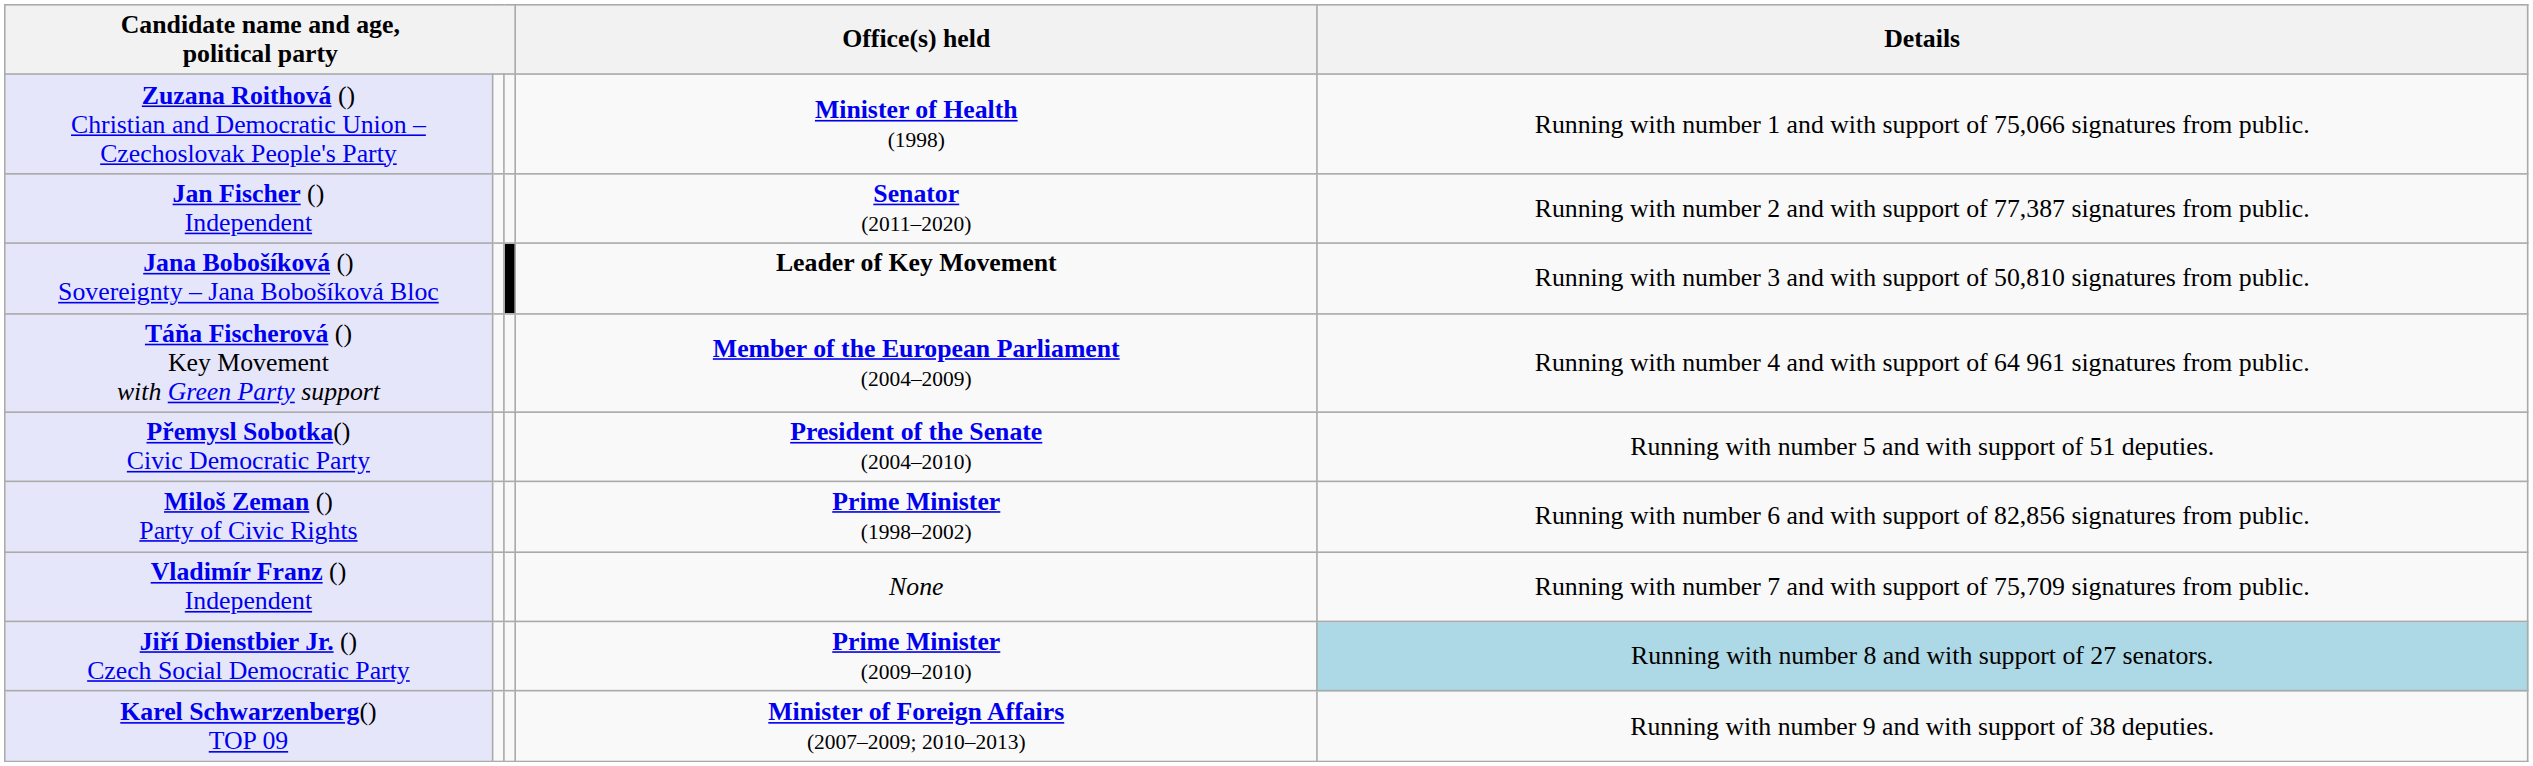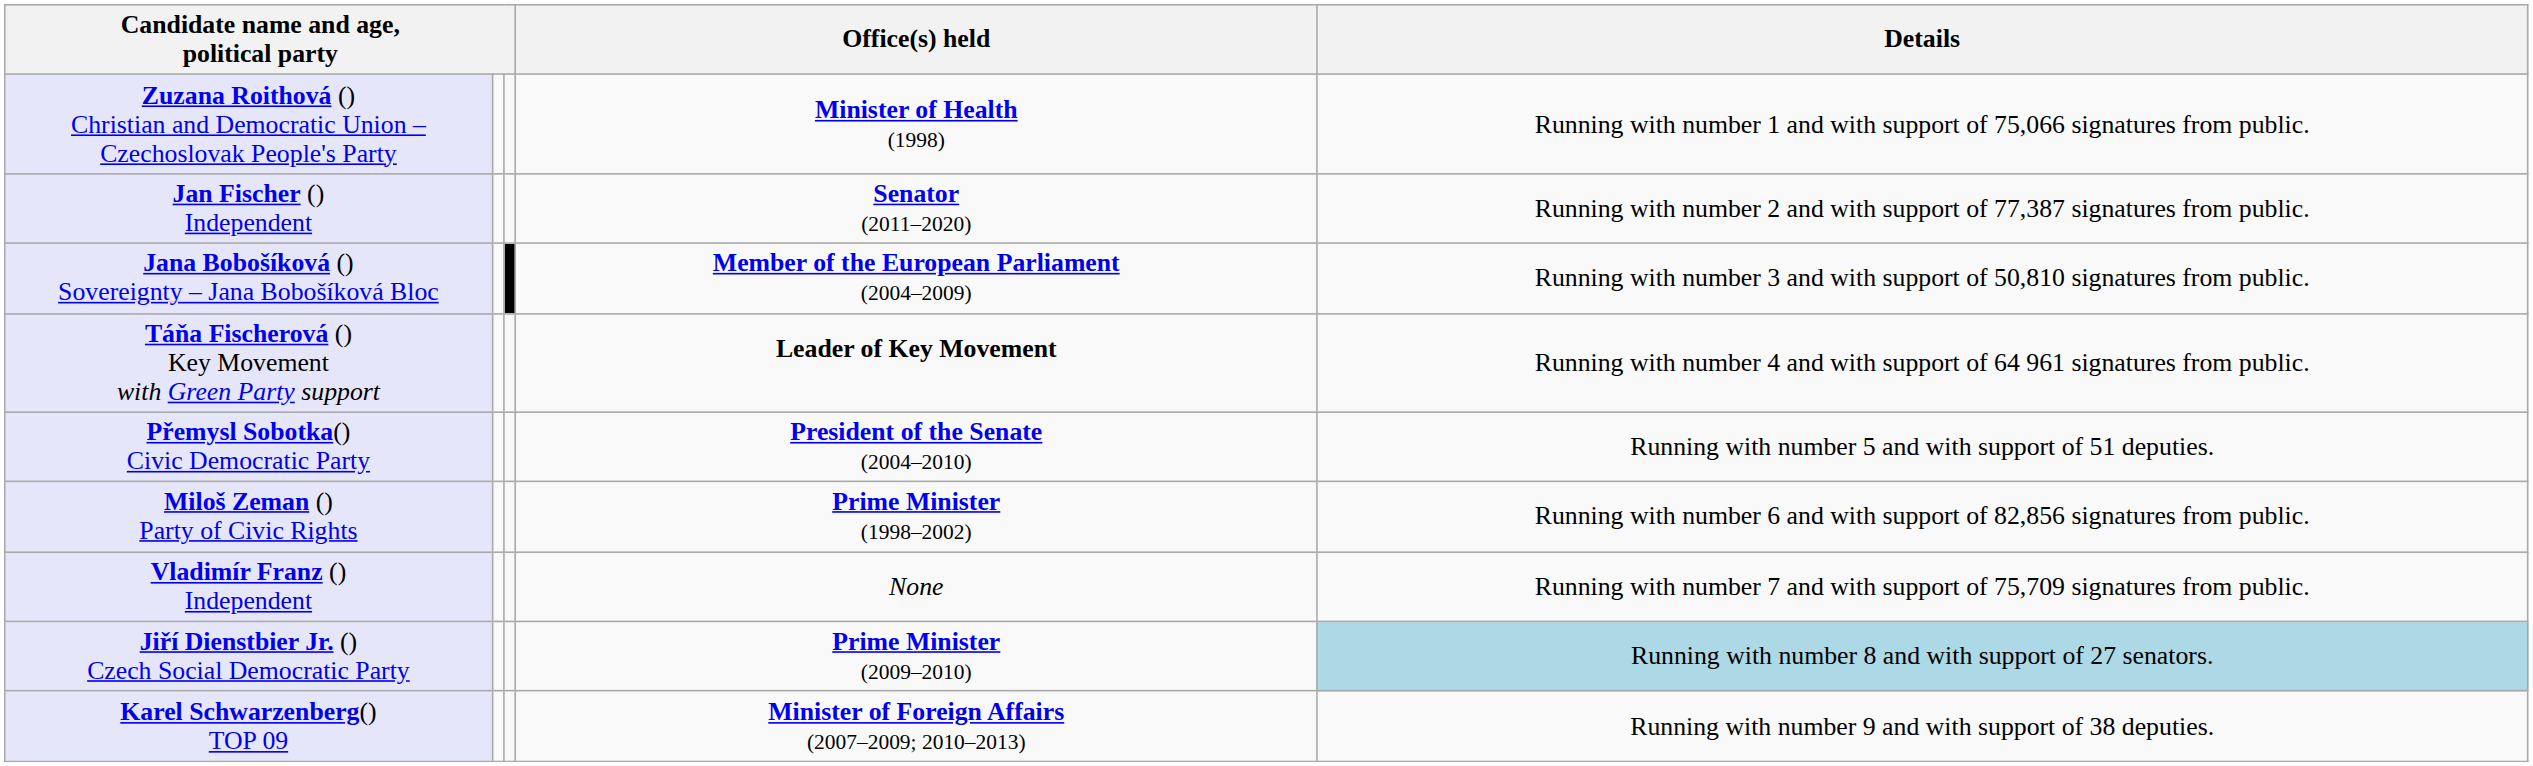 <table class="wikitable" style="text-align:center;">
 <tr>
 <th colspan="3" style="width:20%;">Candidate name and age,<br>political party</th>
 <th>Office(s) held</th>
 <th style="width:48%;">Details</th>
 </tr>
 <tr>
 <td style="background:lavender;"><strong><a href='#'>Zuzana Roithová</a></strong> ()<br><a href='#'>Christian and Democratic Union – Czechoslovak People's Party</a></td>
 <td></td>
 <td style="background-color:"></td>
 <td><strong><a href='#'>Minister of Health</a></strong> <br><small>(1998)</small><br></td>
 <td>Running with number 1 and with support of 75,066 signatures from public.</td>
 </tr>
 <tr>
 <td style="background:lavender;"><strong><a href='#'>Jan Fischer</a></strong> ()<br><a href='#'>Independent</a></td>
 <td></td>
 <td style="background-color:"></td>
 <td><strong><a href='#'>Senator</a></strong> <br><small>(2011–2020)</small><br></td>
 <td align=center>Running with number 2 and with support of 77,387 signatures from public.</td>
 </tr>
 <tr>
 <td style="background:lavender;"><strong><a href='#'>Jana Bobošíková</a></strong> ()<br><a href='#'>Sovereignty – Jana Bobošíková Bloc</a></td>
 <td></td>
 <th style="background:#000000;"></th>
-<td><strong>Leader of Key Movement</strong> <br><br></td>
+<td><strong><a href='#'>Member of the European Parliament</a></strong> <br><small>(2004–2009)</small></td>
 <td align=center>Running with number 3 and with support of 50,810 signatures from public.</td>
 </tr>
 <tr>
 <td style="background:lavender;"><strong><a href='#'>Táňa Fischerová</a></strong> ()<br>Key Movement<br><em>with <a href='#'>Green Party</a> support</em></td>
 <td></td>
 <td style="background-color:"></td>
-<td><strong><a href='#'>Member of the European Parliament</a></strong> <br><small>(2004–2009)</small></td>
+<td><strong>Leader of Key Movement</strong> <br><br></td>
 <td align=center>Running with number 4 and with support of 64 961 signatures from public.</td>
 </tr>
 <tr>
 <td style="background:lavender;"><strong><a href='#'>Přemysl Sobotka</a></strong>()<br><a href='#'>Civic Democratic Party</a></td>
 <td></td>
 <td style="background-color:"></td>
 <td><strong><a href='#'>President of the Senate</a></strong> <br><small>(2004–2010)</small></td>
 <td align=center>Running with number 5 and with support of 51 deputies.</td>
 </tr>
 <tr>
 <td style="background:lavender;"><strong><a href='#'>Miloš Zeman</a></strong> ()<br><a href='#'>Party of Civic Rights</a></td>
 <td></td>
 <td style="background-color:"></td>
 <td><strong><a href='#'>Prime Minister</a></strong> <br><small>(1998–2002)</small><br></td>
 <td align=center>Running with number 6 and with support of 82,856 signatures from public.</td>
 </tr>
 <tr>
 <td style="background:lavender;"><strong><a href='#'>Vladimír Franz</a></strong> ()<br><a href='#'>Independent</a></td>
 <td></td>
 <td style="background-color:"></td>
 <td><em>None</em></td>
 <td align=center>Running with number 7 and with support of 75,709 signatures from public.</td>
 </tr>
 <tr>
 <td style="background:lavender;"><strong><a href='#'>Jiří Dienstbier Jr.</a></strong> ()<br><a href='#'>Czech Social Democratic Party</a></td>
 <td></td>
 <td style="background-color:"></td>
 <td><strong><a href='#'>Prime Minister</a></strong> <br><small>(2009–2010)</small><br></td>
 <td align=center style="background: lightblue;">Running with number 8 and with support of 27 senators.</td>
 </tr>
 <tr>
 <td style="background:lavender;"><strong><a href='#'>Karel Schwarzenberg</a></strong>()<br><a href='#'>TOP 09</a></td>
 <td></td>
 <td style="background-color:"></td>
 <td><strong><a href='#'>Minister of Foreign Affairs</a></strong> <br><small>(2007–2009; 2010–2013)</small><br></td>
 <td align=center>Running with number 9 and with support of 38 deputies.</td>
 </tr>
 </table>
